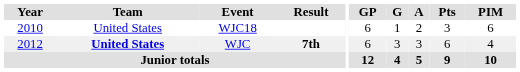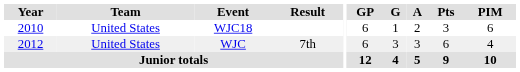 <table border="0" cellpadding="1" cellspacing="0" ID="Table3" style="text-align:center; width:40em">
 <tr ALIGN="center" bgcolor="#e0e0e0">
 <th>Year</th>
 <th>Team</th>
 <th>Event</th>
 <th>Result</th>
 <th rowspan="99" bgcolor="#ffffff"></th>
 <th>GP</th>
 <th>G</th>
 <th>A</th>
 <th>Pts</th>
 <th>PIM</th>
 </tr>
 <tr>
 <td><a href='#'>2010</a></td>
 <td><a href='#'>United States</a></td>
 <td><a href='#'>WJC18</a></td>
 <td></td>
 <td>6</td>
 <td>1</td>
 <td>2</td>
 <td>3</td>
 <td>6</td>
 </tr>
 <tr bgcolor="#f0f0f0">
 <td><a href='#'>2012</a></td>
-<td><strong><a href='#'>United States</a></strong></td>
+<td><a href='#'>United States</a></td>
 <td><a href='#'>WJC</a></td>
-<td><strong>7th</strong></td>
+<td>7th</td>
 <td>6</td>
 <td>3</td>
 <td>3</td>
 <td>6</td>
 <td>4</td>
 </tr>
 <tr bgcolor="#e0e0e0">
 <th colspan=4>Junior totals</th>
 <th>12</th>
 <th>4</th>
 <th>5</th>
 <th>9</th>
 <th>10</th>
 </tr>
 </table>
